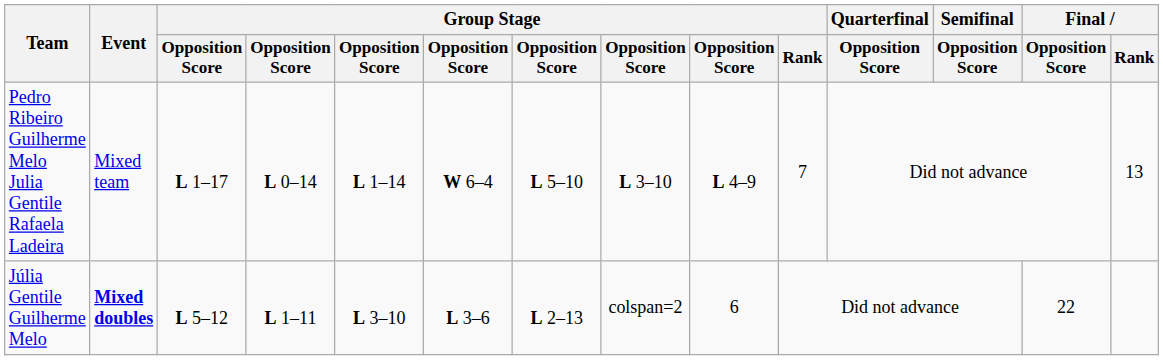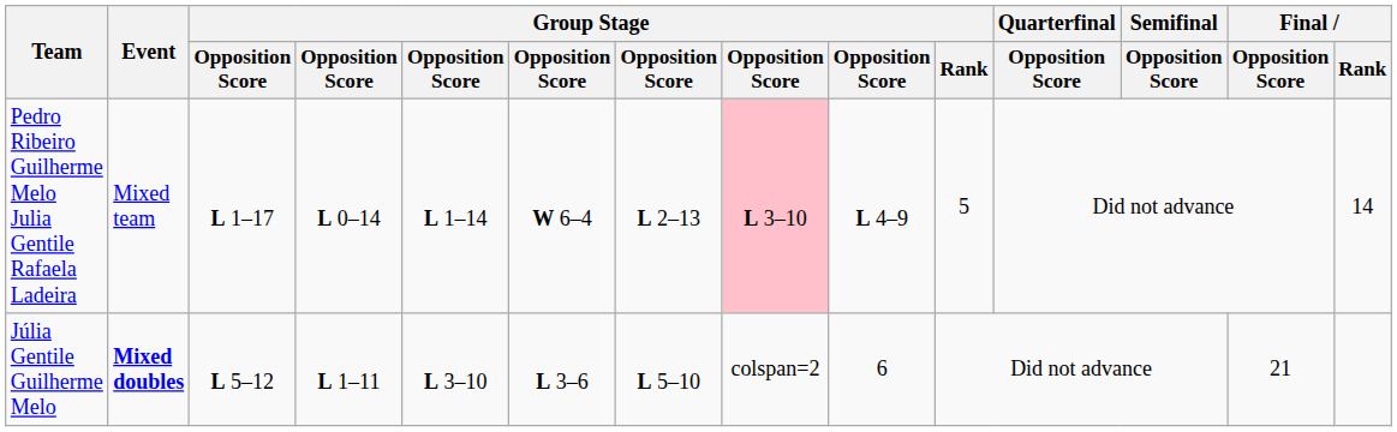 <table class="wikitable" style="font-size:90%">
 <tr>
 <th rowspan=2>Team</th>
 <th rowspan=2>Event</th>
 <th colspan=8>Group Stage</th>
 <th>Quarterfinal</th>
 <th>Semifinal</th>
 <th colspan=2>Final / </th>
 </tr>
 <tr style="font-size:95%">
 <th>Opposition <br> Score</th>
 <th>Opposition <br> Score</th>
 <th>Opposition <br> Score</th>
 <th>Opposition <br> Score</th>
 <th>Opposition <br> Score</th>
 <th>Opposition <br> Score</th>
 <th>Opposition <br> Score</th>
 <th>Rank</th>
 <th>Opposition <br> Score</th>
 <th>Opposition <br> Score</th>
 <th>Opposition <br> Score</th>
 <th>Rank</th>
 </tr>
 <tr align=center>
 <td align=left><a href='#'>Pedro Ribeiro</a><br><a href='#'>Guilherme Melo</a><br><a href='#'>Julia Gentile</a><br><a href='#'>Rafaela Ladeira</a></td>
 <td align=left><a href='#'>Mixed team</a></td>
 <td><br><strong>L</strong> 1–17</td>
 <td><br><strong>L</strong> 0–14</td>
 <td><br><strong>L</strong> 1–14</td>
 <td><br><strong>W</strong> 6–4</td>
-<td><br><strong>L</strong> 5–10</td>
-<td><br><strong>L</strong> 3–10</td>
+<td><br><strong>L</strong> 2–13</td>
+<td style="background: pink;"><br><strong>L</strong> 3–10</td>
 <td><br><strong>L</strong> 4–9</td>
-<td>7</td>
+<td>5</td>
 <td colspan=3>Did not advance</td>
-<td>13</td>
+<td>14</td>
 </tr>
 <tr align=center>
 <td align=left><a href='#'>Júlia Gentile</a><br><a href='#'>Guilherme Melo</a></td>
 <td align=left><strong><a href='#'>Mixed doubles</a></strong></td>
 <td><br><strong>L</strong> 5–12</td>
 <td><br><strong>L</strong> 1–11</td>
 <td><br><strong>L</strong> 3–10</td>
 <td><br><strong>L</strong> 3–6</td>
-<td><br><strong>L</strong> 2–13</td>
+<td><br><strong>L</strong> 5–10</td>
 <td>colspan=2</td>
 <td>6</td>
 <td colspan=3>Did not advance</td>
-<td>22</td>
+<td>21</td>
 </tr>
 </table>
